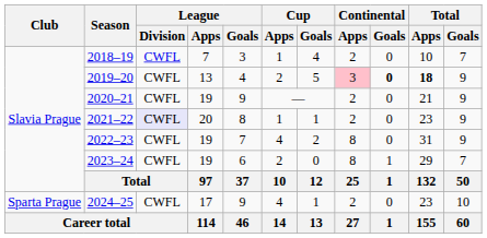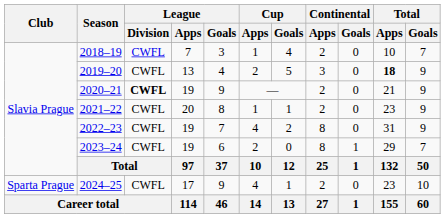 <table class="wikitable" Style="text-align: center">
 <tr>
 <th rowspan="2">Club</th>
 <th rowspan="2">Season</th>
 <th colspan="3">League</th>
 <th colspan="2">Cup</th>
 <th colspan="2">Continental</th>
 <th colspan="2">Total</th>
 </tr>
 <tr>
 <th>Division</th>
 <th>Apps</th>
 <th>Goals</th>
 <th>Apps</th>
 <th>Goals</th>
 <th>Apps</th>
 <th>Goals</th>
 <th>Apps</th>
 <th>Goals</th>
 </tr>
 <tr>
 <td rowspan="7"><a href='#'>Slavia Prague</a></td>
 <td><a href='#'>2018–19</a></td>
 <td><a href='#'>CWFL</a></td>
 <td>7</td>
 <td>3</td>
 <td>1</td>
 <td>4</td>
 <td>2</td>
 <td>0</td>
 <td>10</td>
 <td>7</td>
 </tr>
 <tr>
 <td><a href='#'>2019–20</a></td>
 <td>CWFL</td>
 <td>13</td>
 <td>4</td>
 <td>2</td>
 <td>5</td>
-<td style="background: pink;">3</td>
-<td><strong>0</strong></td>
+<td>3</td>
+<td>0</td>
 <td><strong>18</strong></td>
 <td>9</td>
 </tr>
 <tr>
 <td><a href='#'>2020–21</a></td>
-<td>CWFL</td>
+<td><strong>CWFL</strong></td>
 <td>19</td>
 <td>9</td>
 <td colspan="2">—</td>
 <td>2</td>
 <td>0</td>
 <td>21</td>
 <td>9</td>
 </tr>
 <tr>
 <td><a href='#'>2021–22</a></td>
-<td style="background: lavender;">CWFL</td>
+<td>CWFL</td>
 <td>20</td>
 <td>8</td>
 <td>1</td>
 <td>1</td>
 <td>2</td>
 <td>0</td>
 <td>23</td>
 <td>9</td>
 </tr>
 <tr>
 <td><a href='#'>2022–23</a></td>
 <td>CWFL</td>
 <td>19</td>
 <td>7</td>
 <td>4</td>
 <td>2</td>
 <td>8</td>
 <td>0</td>
 <td>31</td>
 <td>9</td>
 </tr>
 <tr>
 <td><a href='#'>2023–24</a></td>
 <td>CWFL</td>
 <td>19</td>
 <td>6</td>
 <td>2</td>
 <td>0</td>
 <td>8</td>
 <td>1</td>
 <td>29</td>
 <td>7</td>
 </tr>
 <tr>
 <th colspan="2">Total</th>
 <th>97</th>
 <th>37</th>
 <th>10</th>
 <th>12</th>
 <th>25</th>
 <th>1</th>
 <th>132</th>
 <th>50</th>
 </tr>
 <tr>
 <td><a href='#'>Sparta Prague</a></td>
 <td><a href='#'>2024–25</a></td>
 <td>CWFL</td>
 <td>17</td>
 <td>9</td>
 <td>4</td>
 <td>1</td>
 <td>2</td>
 <td>0</td>
 <td>23</td>
 <td>10</td>
 </tr>
 <tr>
 <th colspan="3">Career total</th>
 <th>114</th>
 <th>46</th>
 <th>14</th>
 <th>13</th>
 <th>27</th>
 <th>1</th>
 <th>155</th>
 <th>60</th>
 </tr>
 </table>
